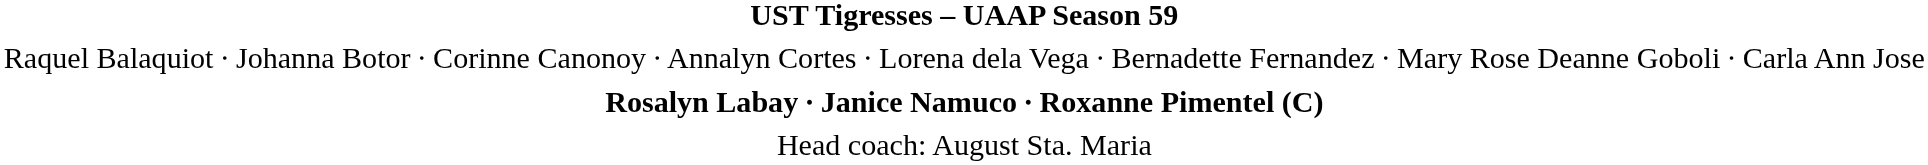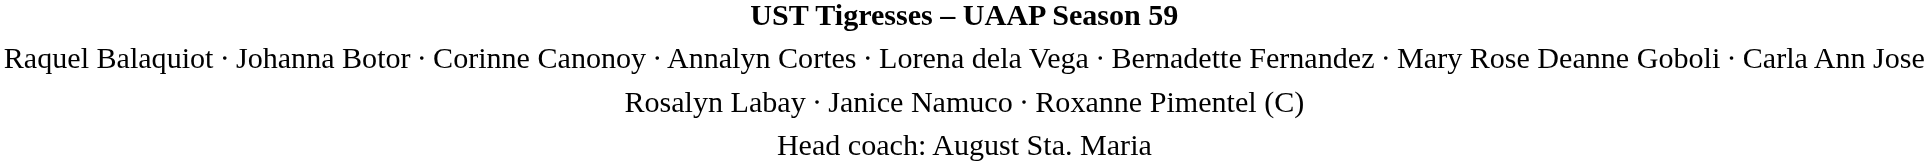 <table class='toccolours mw-collapsible mw-collapsed' width=100% style=font-size:95%>
 <tr>
 <th style=>UST Tigresses – UAAP Season 59</th>
 </tr>
 <tr align=center>
 <td>Raquel Balaquiot ∙ Johanna Botor ∙ Corinne Canonoy ∙ Annalyn Cortes ∙ Lorena dela Vega ∙ Bernadette Fernandez ∙ Mary Rose Deanne Goboli ∙ Carla Ann Jose</td>
 </tr>
 <tr align=center>
-<td><strong>Rosalyn Labay ∙ Janice Namuco ∙ Roxanne Pimentel (C)</strong></td>
+<td>Rosalyn Labay ∙ Janice Namuco ∙ Roxanne Pimentel (C)</td>
 </tr>
 <tr align=center>
 <td>Head coach: August Sta. Maria</td>
 </tr>
 </table>
